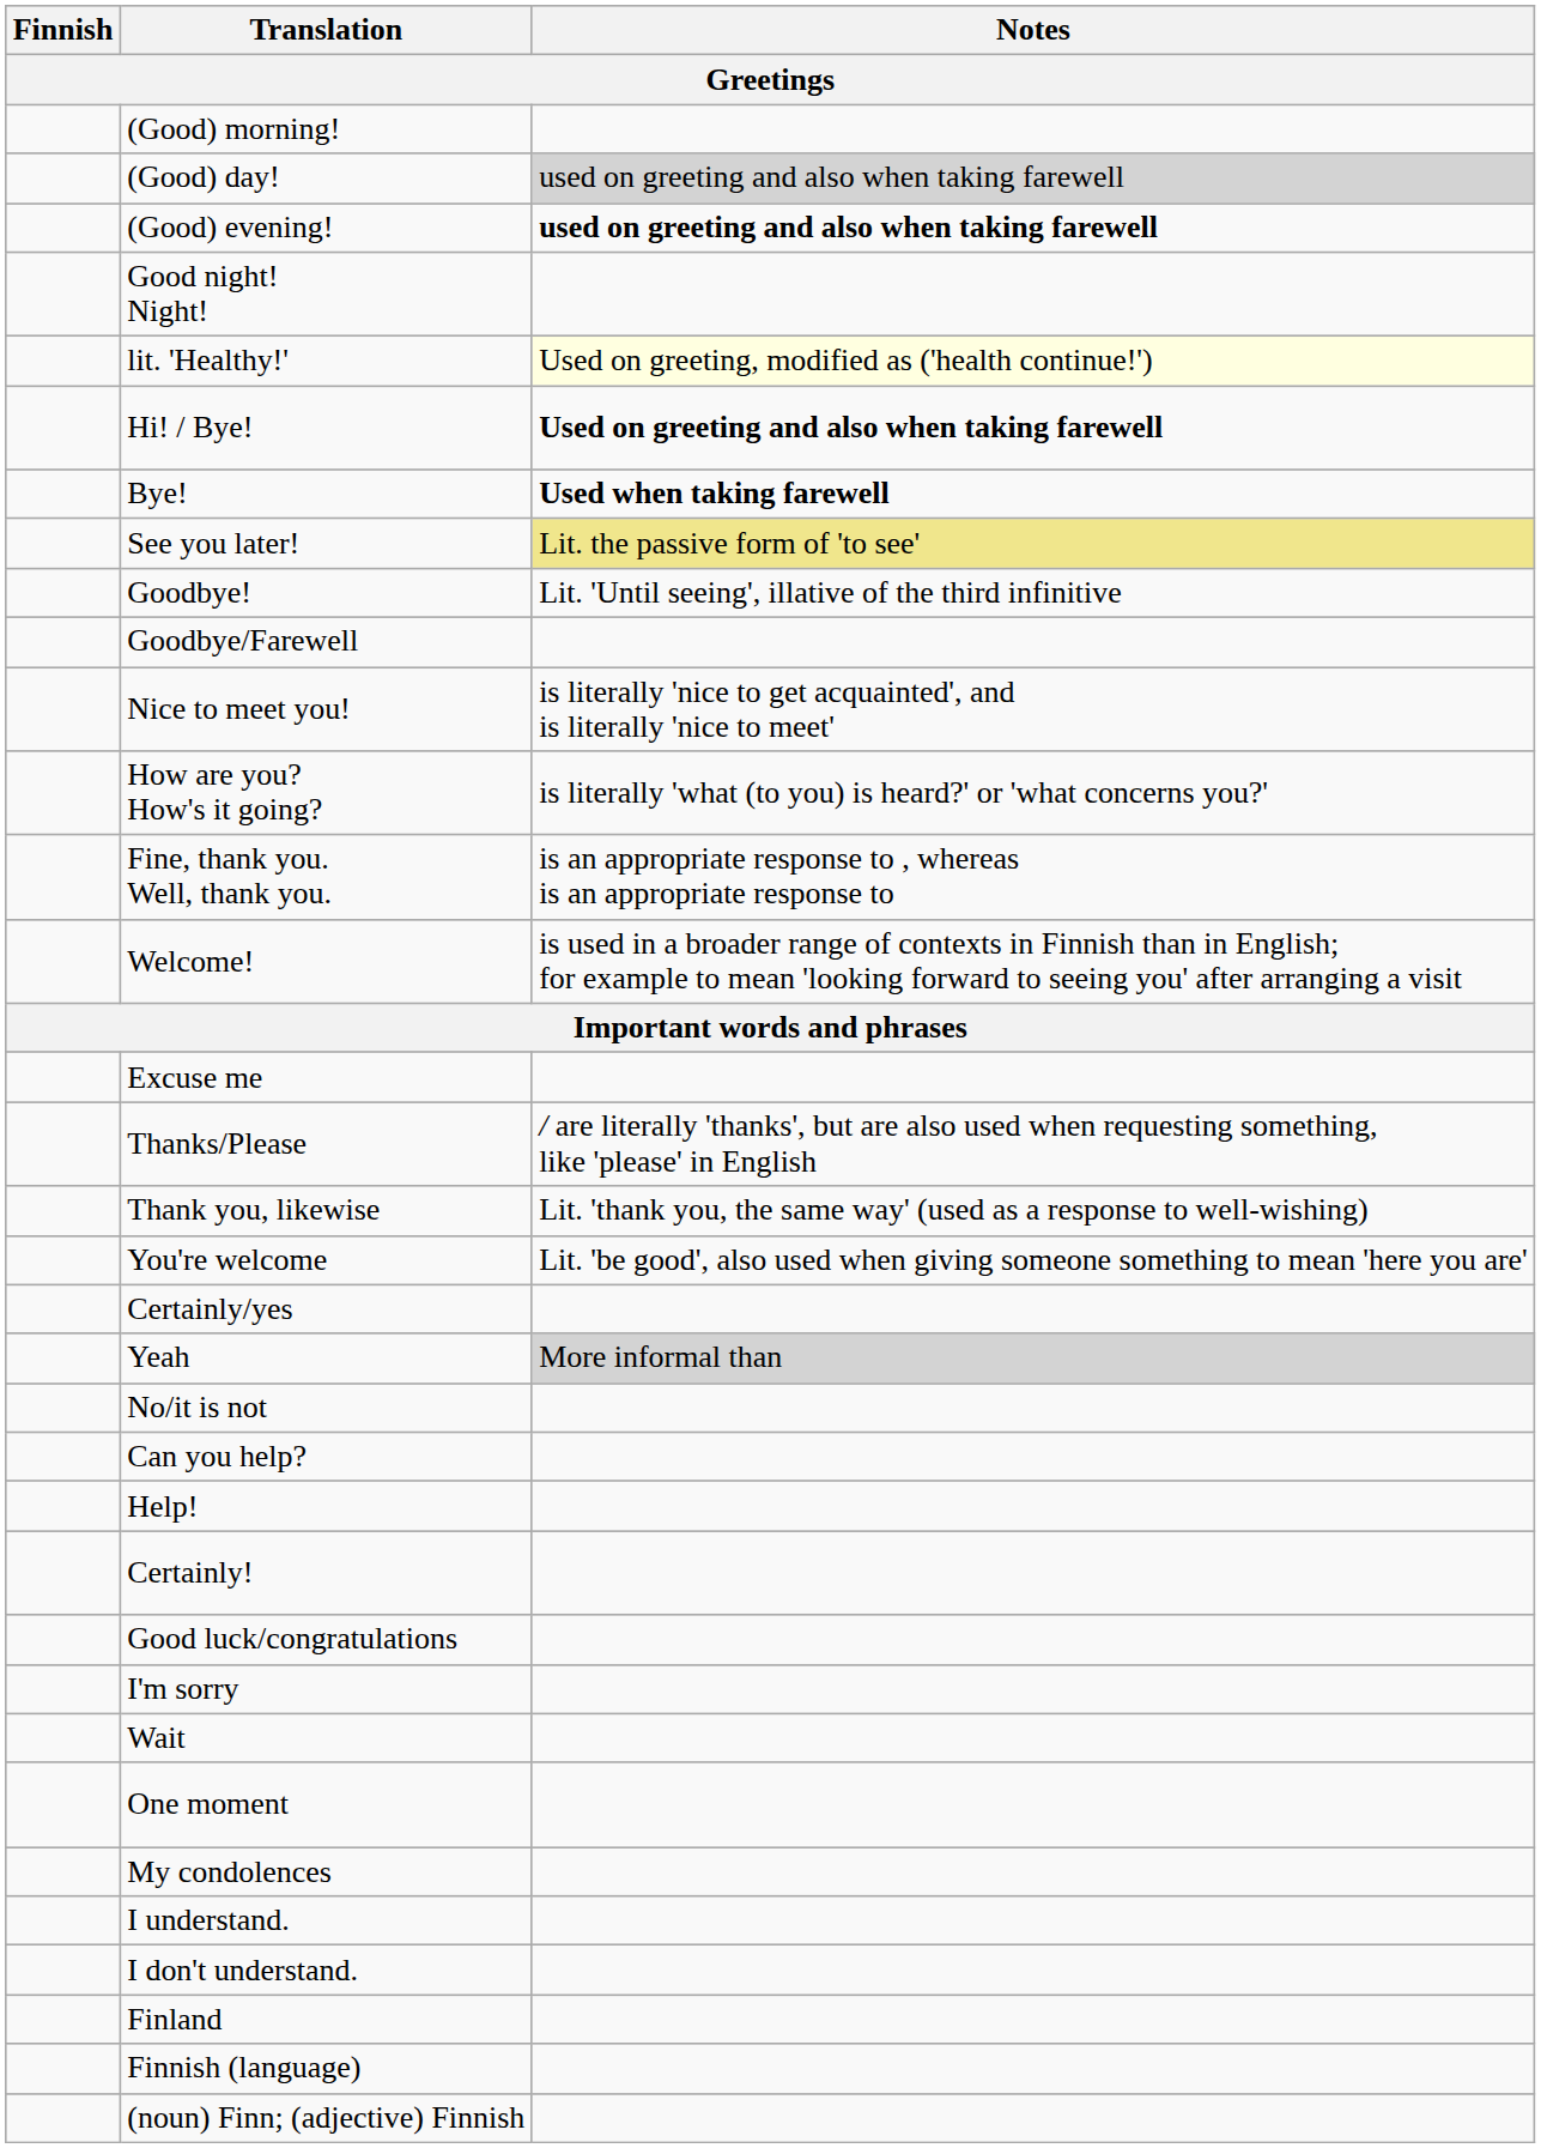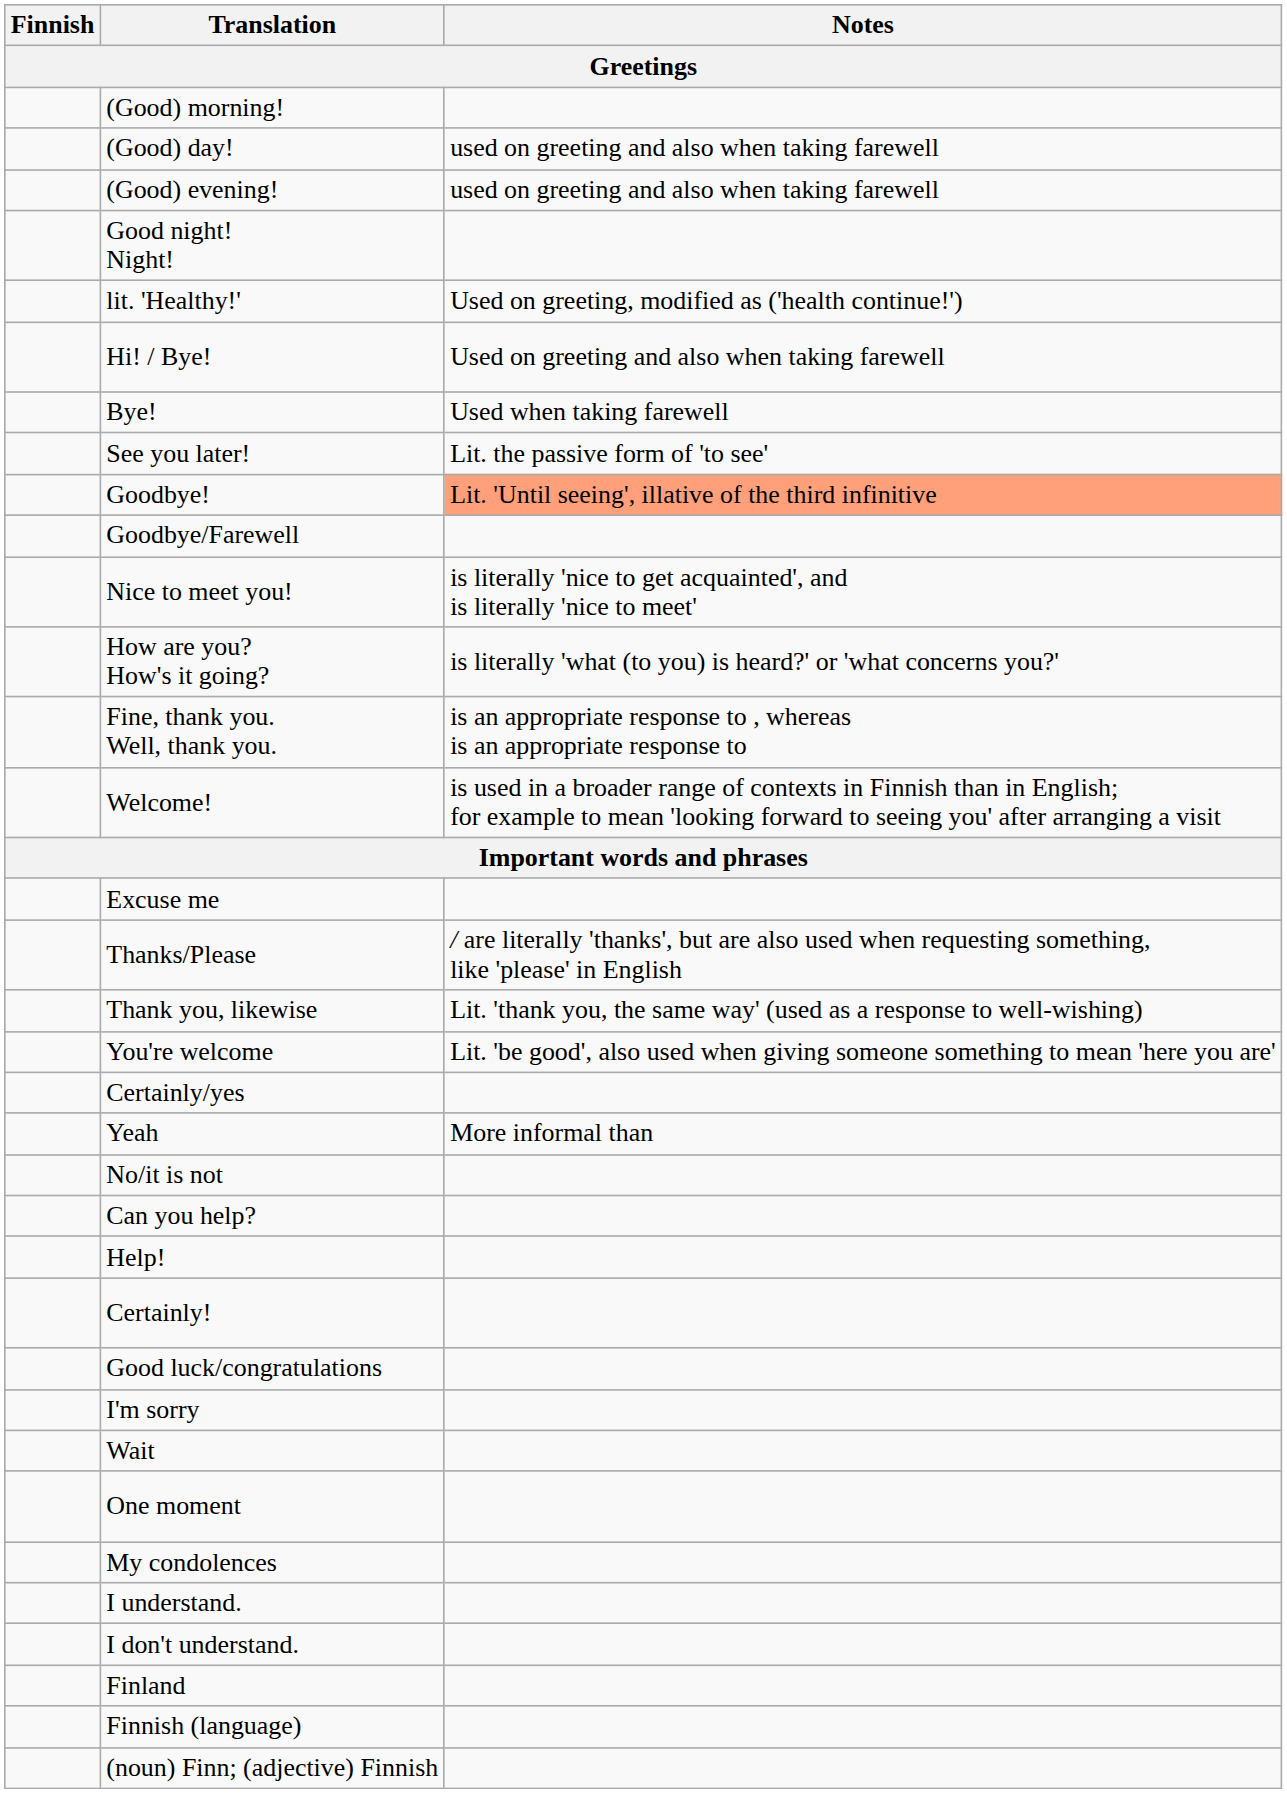 <table class="wikitable">
 <tr>
 <th>Finnish</th>
 <th>Translation</th>
 <th>Notes</th>
 </tr>
 <tr>
 <th colspan="3">Greetings</th>
 </tr>
 <tr>
 <td><strong></strong></td>
 <td>(Good) morning!</td>
 <td></td>
 </tr>
 <tr>
 <td><strong></strong></td>
 <td>(Good) day!</td>
-<td style="background: lightgrey;">used on greeting and also when taking farewell</td>
+<td>used on greeting and also when taking farewell</td>
 </tr>
 <tr>
 <td><strong></strong></td>
 <td>(Good) evening!</td>
-<td><strong>used on greeting and also when taking farewell</strong></td>
+<td>used on greeting and also when taking farewell</td>
 </tr>
 <tr>
 <td><strong></strong><br><strong></strong></td>
 <td>Good night!<br>Night!</td>
 <td></td>
 </tr>
 <tr>
 <td><strong></strong></td>
 <td>lit. 'Healthy!'</td>
-<td style="background: lightyellow;">Used on greeting, modified as <strong></strong> ('health continue!')</td>
+<td>Used on greeting, modified as <strong></strong> ('health continue!')</td>
 </tr>
 <tr>
 <td><strong></strong><br><strong></strong><br><strong></strong></td>
 <td>Hi! / Bye!</td>
-<td><strong>Used on greeting and also when taking farewell</strong></td>
+<td>Used on greeting and also when taking farewell</td>
 </tr>
 <tr>
 <td><strong></strong><br><strong></strong></td>
 <td>Bye!</td>
-<td><strong>Used when taking farewell</strong></td>
+<td>Used when taking farewell</td>
 </tr>
 <tr>
 <td><strong></strong></td>
 <td>See you later!</td>
-<td style="background: khaki;">Lit. the passive form of  'to see'</td>
+<td>Lit. the passive form of  'to see'</td>
 </tr>
 <tr>
 <td><strong></strong></td>
 <td>Goodbye!</td>
-<td>Lit. 'Until seeing', illative of the third infinitive</td>
+<td style="background: lightsalmon;">Lit. 'Until seeing', illative of the third infinitive</td>
 </tr>
 <tr>
 <td><strong></strong></td>
 <td>Goodbye/Farewell</td>
 <td></td>
 </tr>
 <tr>
 <td><strong></strong><br><strong></strong></td>
 <td>Nice to meet you!</td>
 <td> is literally 'nice to get acquainted', and<br> is literally 'nice to meet'</td>
 </tr>
 <tr>
 <td><strong></strong><br><strong></strong></td>
 <td>How are you?<br>How's it going?</td>
 <td> is literally 'what (to you) is heard?' or 'what concerns you?'</td>
 </tr>
 <tr>
 <td><strong></strong><br><strong></strong></td>
 <td>Fine, thank you.<br>Well, thank you.</td>
 <td> is an appropriate response to , whereas<br> is an appropriate response to </td>
 </tr>
 <tr>
 <td><strong></strong></td>
 <td>Welcome!</td>
 <td> is used in a broader range of contexts in Finnish than in English;<br>for example to mean 'looking forward to seeing you' after arranging a visit</td>
 </tr>
 <tr>
 <th colspan="3">Important words and phrases</th>
 </tr>
 <tr>
 <td><strong></strong></td>
 <td>Excuse me</td>
 <td></td>
 </tr>
 <tr>
 <td><strong></strong><br><strong></strong></td>
 <td>Thanks/Please</td>
 <td><em>/</em> are literally 'thanks', but are also used when requesting something,<br>like 'please' in English</td>
 </tr>
 <tr>
 <td><strong></strong></td>
 <td>Thank you, likewise</td>
 <td>Lit. 'thank you, the same way' (used as a response to well-wishing)</td>
 </tr>
 <tr>
 <td><strong></strong></td>
 <td>You're welcome</td>
 <td>Lit. 'be good', also used when giving someone something to mean 'here you are'</td>
 </tr>
 <tr>
 <td><strong></strong></td>
 <td>Certainly/yes</td>
 <td></td>
 </tr>
 <tr>
 <td><strong></strong></td>
 <td>Yeah</td>
-<td style="background: lightgrey;">More informal than </td>
+<td>More informal than </td>
 </tr>
 <tr>
 <td><strong></strong></td>
 <td>No/it is not</td>
 <td></td>
 </tr>
 <tr>
 <td><strong></strong></td>
 <td>Can you help?</td>
 <td></td>
 </tr>
 <tr>
 <td><strong></strong></td>
 <td>Help!</td>
 <td></td>
 </tr>
 <tr>
 <td><strong></strong><br><strong></strong><br><strong></strong></td>
 <td>Certainly!</td>
 <td></td>
 </tr>
 <tr>
 <td><strong></strong></td>
 <td>Good luck/congratulations</td>
 <td></td>
 </tr>
 <tr>
 <td><strong></strong></td>
 <td>I'm sorry</td>
 <td></td>
 </tr>
 <tr>
 <td><strong></strong></td>
 <td>Wait</td>
 <td></td>
 </tr>
 <tr>
 <td><strong></strong><br><strong></strong><br><strong></strong></td>
 <td>One moment</td>
 <td></td>
 </tr>
 <tr>
 <td><strong></strong></td>
 <td>My condolences</td>
 <td></td>
 </tr>
 <tr>
 <td><strong></strong></td>
 <td>I understand.</td>
 <td></td>
 </tr>
 <tr>
 <td><strong></strong></td>
 <td>I don't understand.</td>
 <td></td>
 </tr>
 <tr>
 <td><strong></strong></td>
 <td>Finland</td>
 <td></td>
 </tr>
 <tr>
 <td><strong></strong><br><strong></strong></td>
 <td>Finnish (language)</td>
 <td></td>
 </tr>
 <tr>
 <td><strong></strong></td>
 <td>(noun) Finn; (adjective) Finnish</td>
 <td></td>
 </tr>
 </table>
